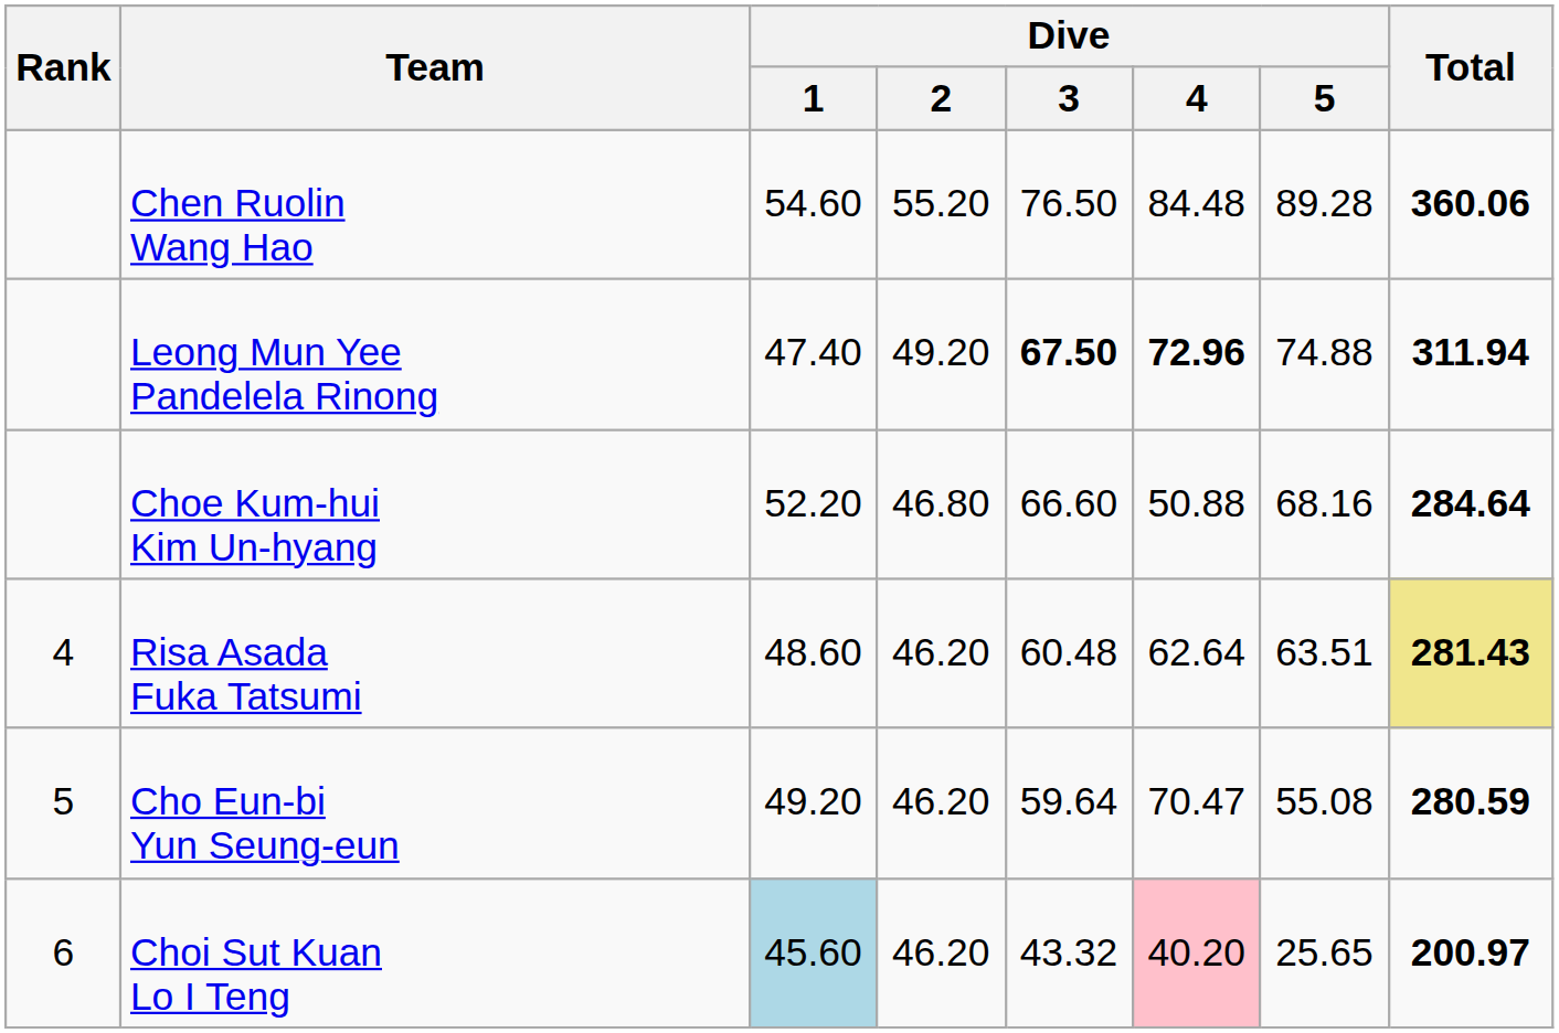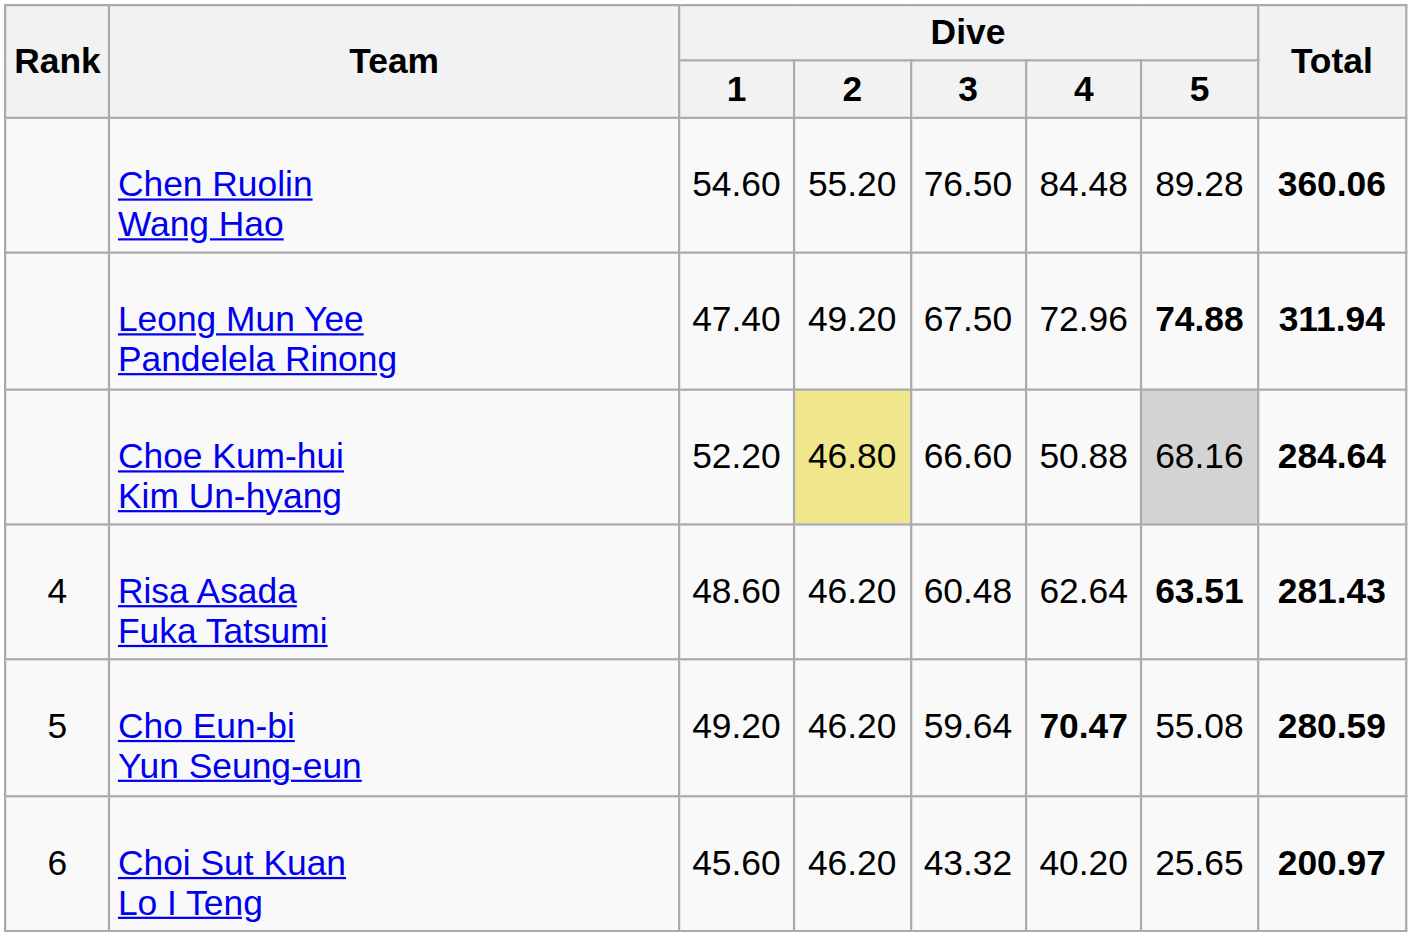 <table class=wikitable style="text-align:center">
 <tr>
 <th rowspan="2" width=40>Rank</th>
 <th rowspan="2" width=250>Team</th>
 <th colspan="5">Dive</th>
 <th rowspan="2" width=60>Total</th>
 </tr>
 <tr>
 <th width=45>1</th>
 <th width=45>2</th>
 <th width=45>3</th>
 <th width=45>4</th>
 <th width=45>5</th>
 </tr>
 <tr>
 <td></td>
 <td align=left><br><a href='#'>Chen Ruolin</a><br><a href='#'>Wang Hao</a></td>
 <td>54.60</td>
 <td>55.20</td>
 <td>76.50</td>
 <td>84.48</td>
 <td>89.28</td>
 <td><strong>360.06</strong></td>
 </tr>
 <tr>
 <td></td>
 <td align=left><br><a href='#'>Leong Mun Yee</a><br><a href='#'>Pandelela Rinong</a></td>
 <td>47.40</td>
 <td>49.20</td>
-<td><strong>67.50</strong></td>
-<td><strong>72.96</strong></td>
-<td>74.88</td>
+<td>67.50</td>
+<td>72.96</td>
+<td><strong>74.88</strong></td>
 <td><strong>311.94</strong></td>
 </tr>
 <tr>
 <td></td>
 <td align=left><br><a href='#'>Choe Kum-hui</a><br><a href='#'>Kim Un-hyang</a></td>
 <td>52.20</td>
-<td>46.80</td>
+<td style="background: khaki;">46.80</td>
 <td>66.60</td>
 <td>50.88</td>
-<td>68.16</td>
+<td style="background: lightgrey;">68.16</td>
 <td><strong>284.64</strong></td>
 </tr>
 <tr>
 <td>4</td>
 <td align=left><br><a href='#'>Risa Asada</a><br><a href='#'>Fuka Tatsumi</a></td>
 <td>48.60</td>
 <td>46.20</td>
 <td>60.48</td>
 <td>62.64</td>
-<td>63.51</td>
-<td style="background: khaki;"><strong>281.43</strong></td>
+<td><strong>63.51</strong></td>
+<td><strong>281.43</strong></td>
 </tr>
 <tr>
 <td>5</td>
 <td align=left><br><a href='#'>Cho Eun-bi</a><br><a href='#'>Yun Seung-eun</a></td>
 <td>49.20</td>
 <td>46.20</td>
 <td>59.64</td>
-<td>70.47</td>
+<td><strong>70.47</strong></td>
 <td>55.08</td>
 <td><strong>280.59</strong></td>
 </tr>
 <tr>
 <td>6</td>
 <td align=left><br><a href='#'>Choi Sut Kuan</a><br><a href='#'>Lo I Teng</a></td>
-<td style="background: lightblue;">45.60</td>
+<td>45.60</td>
 <td>46.20</td>
 <td>43.32</td>
-<td style="background: pink;">40.20</td>
+<td>40.20</td>
 <td>25.65</td>
 <td><strong>200.97</strong></td>
 </tr>
 </table>
